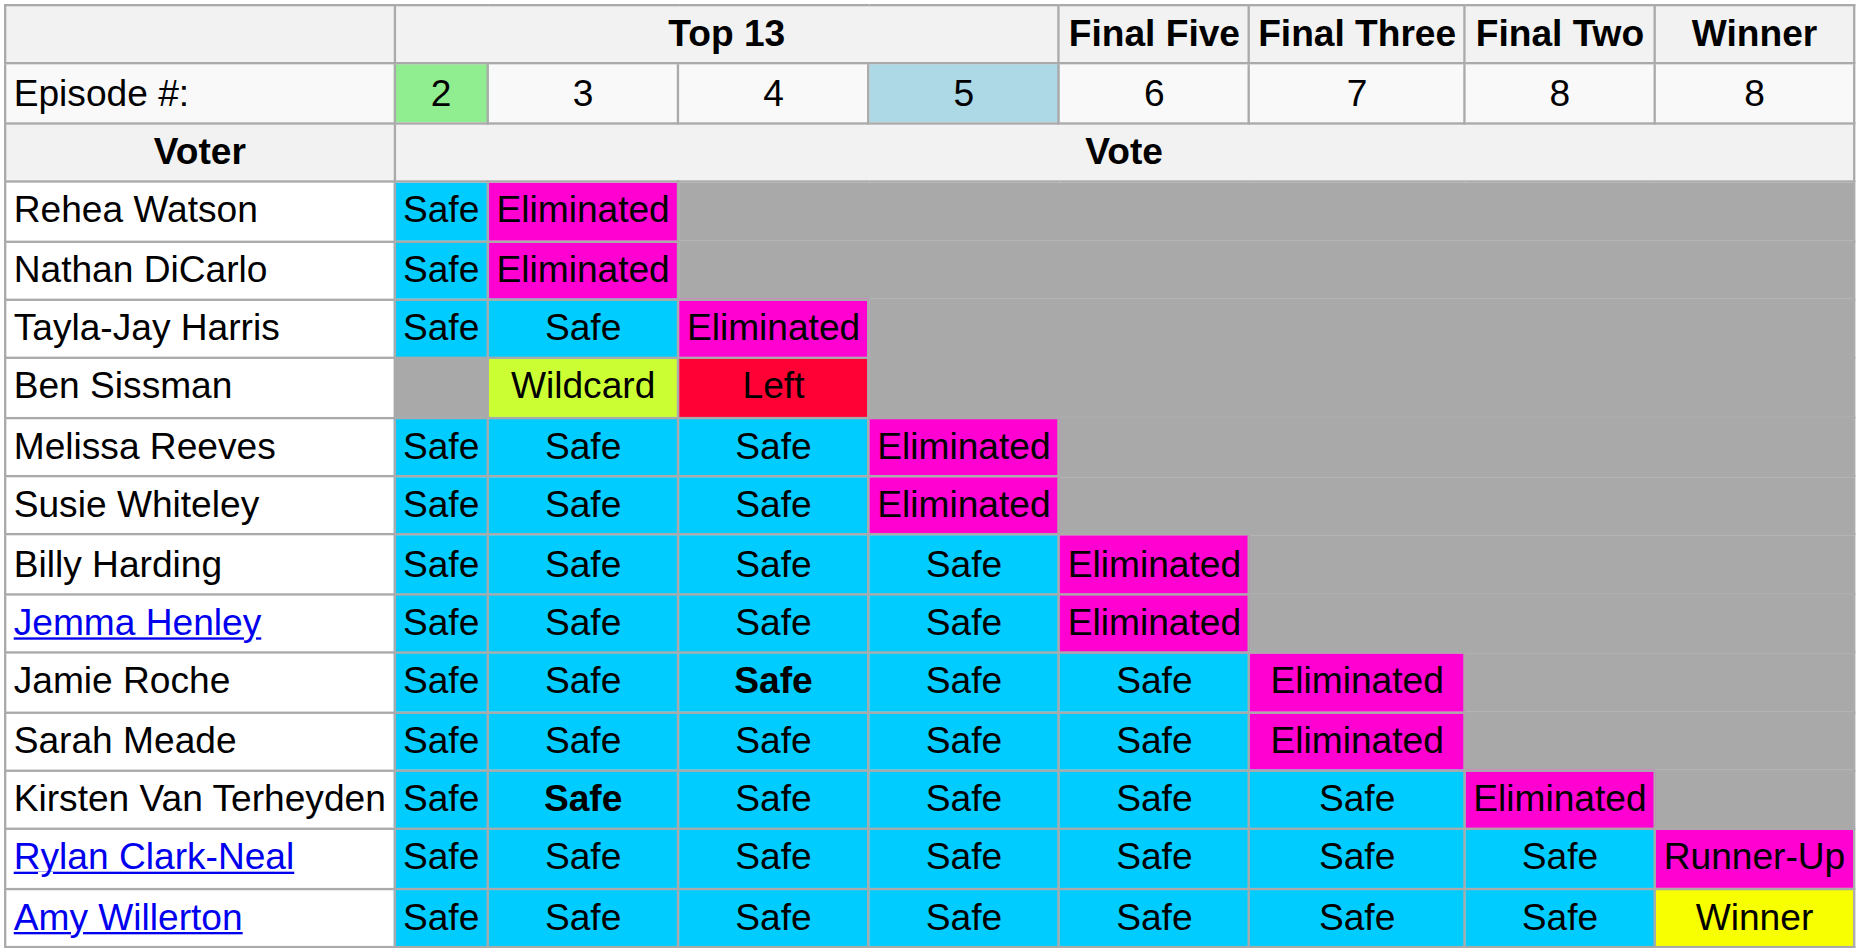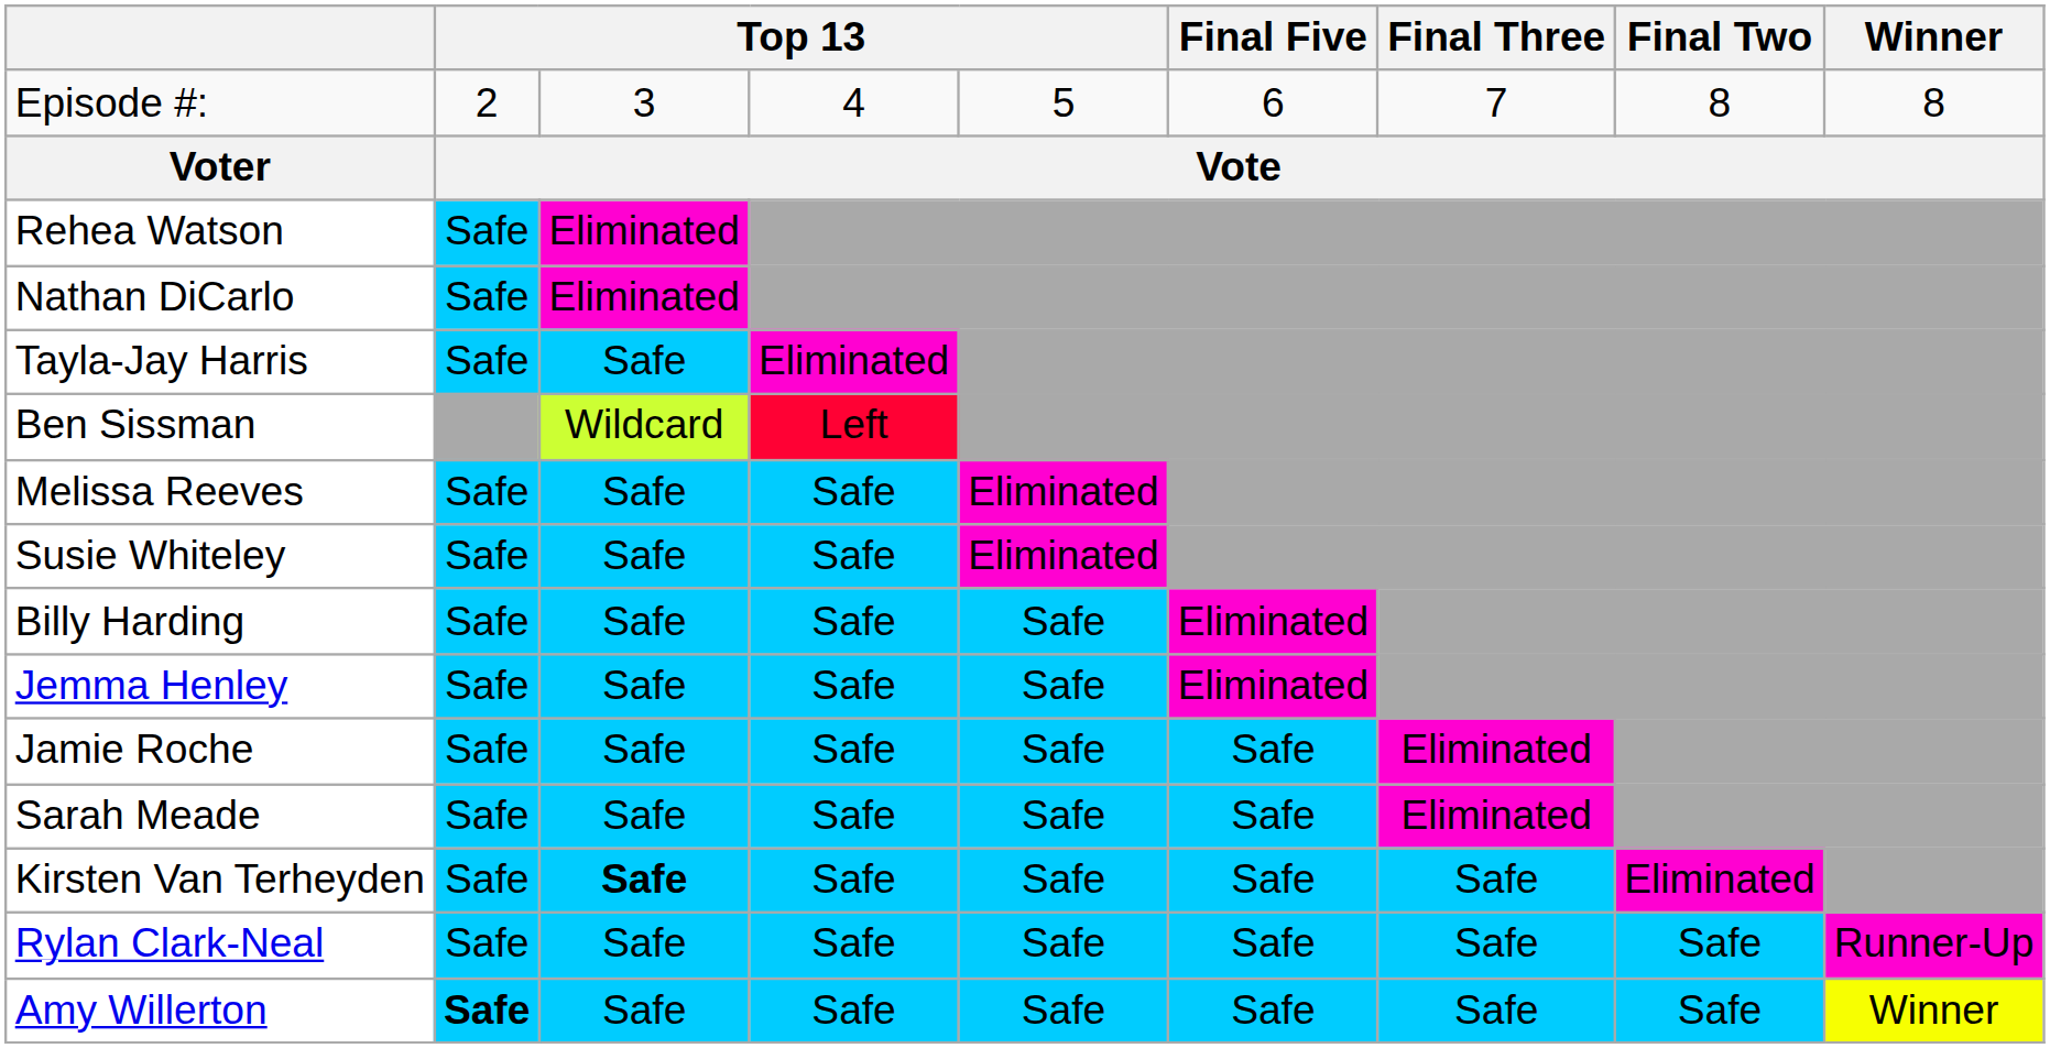 <table class="wikitable">
 <tr>
 <th></th>
 <th colspan=4>Top 13</th>
 <th>Final Five</th>
 <th>Final Three</th>
 <th>Final Two</th>
 <th>Winner</th>
 </tr>
 <tr>
 <td>Episode #:</td>
-<td style="background: lightgreen; text-align:center;">2</td>
+<td style="text-align:center;">2</td>
 <td style="text-align:center;">3</td>
 <td style="text-align:center;">4</td>
-<td style="background: lightblue; text-align:center;">5</td>
+<td style="text-align:center;">5</td>
 <td style="text-align:center;">6</td>
 <td style="text-align:center;">7</td>
 <td style="text-align:center;">8</td>
 <td style="text-align:center;">8</td>
 </tr>
 <tr>
 <th>Voter</th>
 <th colspan="8" style="text-align:center;">Vote</th>
 </tr>
 <tr>
 <td style="background:#fff;">Rehea Watson</td>
 <td style="background:#0cf; text-align:center;">Safe</td>
 <td style="background:#ff01d1; text-align:center;">Eliminated</td>
 <td style="background:darkgrey;" colspan="6"></td>
 </tr>
 <tr>
 <td style="background:#fff;">Nathan DiCarlo</td>
 <td style="background:#0cf; text-align:center;">Safe</td>
 <td style="background:#ff01d1; text-align:center;">Eliminated</td>
 <td style="background:darkgrey;" colspan="6"></td>
 </tr>
 <tr>
 <td style="background:#fff;">Tayla-Jay Harris</td>
 <td style="background:#0cf; text-align:center;">Safe</td>
 <td style="background:#0cf; text-align:center;">Safe</td>
 <td style="background:#ff01d1; text-align:center;">Eliminated</td>
 <td style="background:darkgrey;" colspan="5"></td>
 </tr>
 <tr>
 <td style="background:#fff;">Ben Sissman</td>
 <td style="background:darkgrey;"></td>
 <td style="background:#cf3; text-align:center;">Wildcard</td>
 <td style="background:#ff0134; text-align:center;">Left</td>
 <td style="background:darkgrey;" colspan="5"></td>
 </tr>
 <tr>
 <td style="background:#fff;">Melissa Reeves</td>
 <td style="background:#0cf; text-align:center;">Safe</td>
 <td style="background:#0cf; text-align:center;">Safe</td>
 <td style="background:#0cf; text-align:center;">Safe</td>
 <td style="background:#ff01d1; text-align:center;">Eliminated</td>
 <td style="background:darkgrey;" colspan="4"></td>
 </tr>
 <tr>
 <td style="background:#fff;">Susie Whiteley</td>
 <td style="background:#0cf; text-align:center;">Safe</td>
 <td style="background:#0cf; text-align:center;">Safe</td>
 <td style="background:#0cf; text-align:center;">Safe</td>
 <td style="background:#ff01d1; text-align:center;">Eliminated</td>
 <td style="background:darkgrey;" colspan="26"></td>
 </tr>
 <tr>
 <td style="background:#fff;">Billy Harding</td>
 <td style="background:#0cf; text-align:center;">Safe</td>
 <td style="background:#0cf; text-align:center;">Safe</td>
 <td style="background:#0cf; text-align:center;">Safe</td>
 <td style="background:#0cf; text-align:center;">Safe</td>
 <td style="background:#ff01d1; text-align:center;">Eliminated</td>
 <td style="background:darkgrey;" colspan="3"></td>
 </tr>
 <tr>
 <td style="background:#fff;"><a href='#'>Jemma Henley</a></td>
 <td style="background:#0cf; text-align:center;">Safe</td>
 <td style="background:#0cf; text-align:center;">Safe</td>
 <td style="background:#0cf; text-align:center;">Safe</td>
 <td style="background:#0cf; text-align:center;">Safe</td>
 <td style="background:#ff01d1; text-align:center;">Eliminated</td>
 <td style="background:darkgrey;" colspan="3"></td>
 </tr>
 <tr>
 <td style="background:#fff;">Jamie Roche</td>
 <td style="background:#0cf; text-align:center;">Safe</td>
 <td style="background:#0cf; text-align:center;">Safe</td>
-<td style="background:#0cf; text-align:center;"><strong>Safe</strong></td>
+<td style="background:#0cf; text-align:center;">Safe</td>
 <td style="background:#0cf; text-align:center;">Safe</td>
 <td style="background:#0cf; text-align:center;">Safe</td>
 <td style="background:#ff01d1; text-align:center;">Eliminated</td>
 <td style="background:darkgrey;" colspan="2"></td>
 </tr>
 <tr>
 <td style="background:#fff;">Sarah Meade</td>
 <td style="background:#0cf; text-align:center;">Safe</td>
 <td style="background:#0cf; text-align:center;">Safe</td>
 <td style="background:#0cf; text-align:center;">Safe</td>
 <td style="background:#0cf; text-align:center;">Safe</td>
 <td style="background:#0cf; text-align:center;">Safe</td>
 <td style="background:#ff01d1; text-align:center;">Eliminated</td>
 <td style="background:darkgrey;" colspan="2"></td>
 </tr>
 <tr>
 <td style="background:#fff;">Kirsten Van Terheyden</td>
 <td style="background:#0cf; text-align:center;">Safe</td>
 <td style="background:#0cf; text-align:center;"><strong>Safe</strong></td>
 <td style="background:#0cf; text-align:center;">Safe</td>
 <td style="background:#0cf; text-align:center;">Safe</td>
 <td style="background:#0cf; text-align:center;">Safe</td>
 <td style="background:#0cf; text-align:center;">Safe</td>
 <td style="background:#ff01d1; text-align:center;">Eliminated</td>
 <td style="background:darkgrey;"></td>
 </tr>
 <tr>
 <td style="background:#fff;"><a href='#'>Rylan Clark-Neal</a></td>
 <td style="background:#0cf; text-align:center;">Safe</td>
 <td style="background:#0cf; text-align:center;">Safe</td>
 <td style="background:#0cf; text-align:center;">Safe</td>
 <td style="background:#0cf; text-align:center;">Safe</td>
 <td style="background:#0cf; text-align:center;">Safe</td>
 <td style="background:#0cf; text-align:center;">Safe</td>
 <td style="background:#0cf; text-align:center;">Safe</td>
 <td style="background:#ff01d1; text-align:center;">Runner-Up</td>
 </tr>
 <tr>
 <td style="background:#fff;"><a href='#'>Amy Willerton</a></td>
-<td style="background:#0cf; text-align:center;">Safe</td>
+<td style="background:#0cf; text-align:center;"><strong>Safe</strong></td>
 <td style="background:#0cf; text-align:center;">Safe</td>
 <td style="background:#0cf; text-align:center;">Safe</td>
 <td style="background:#0cf; text-align:center;">Safe</td>
 <td style="background:#0cf; text-align:center;">Safe</td>
 <td style="background:#0cf; text-align:center;">Safe</td>
 <td style="background:#0cf; text-align:center;">Safe</td>
 <td style="background:#f7ff01; text-align:center;">Winner</td>
 </tr>
 </table>
